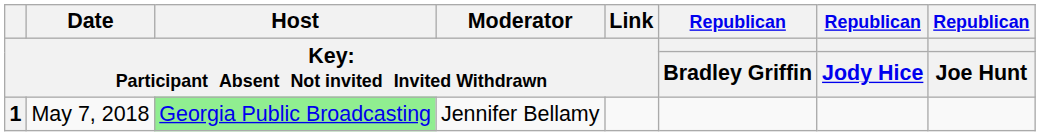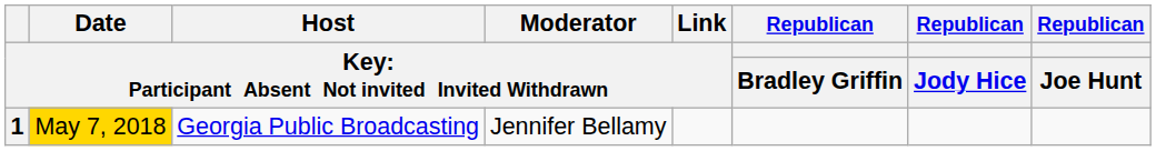 <table class="wikitable" style="text-align:center;">
 <tr>
 <th scope="col"></th>
 <th scope="col">Date</th>
 <th scope="col">Host</th>
 <th scope="col">Moderator</th>
 <th scope="col">Link</th>
 <th scope="col"><small><a href='#'>Republican</a></small></th>
 <th scope="col"><small><a href='#'>Republican</a></small></th>
 <th scope="col"><small><a href='#'>Republican</a></small></th>
 </tr>
 <tr>
 <th colspan="5" rowspan="2">Key:<br> <small>Participant </small>  <small>Absent </small>  <small>Not invited </small>  <small>Invited  Withdrawn</small></th>
 <th scope="col" style="background:"></th>
 <th scope="col" style="background:"></th>
 <th scope="col" style="background:"></th>
 </tr>
 <tr>
 <th scope="col">Bradley Griffin</th>
 <th scope="col"><a href='#'>Jody Hice</a></th>
 <th scope="col">Joe Hunt</th>
 </tr>
 <tr>
 <th>1</th>
-<td style="white-space:nowrap;">May 7, 2018</td>
-<td style="background: lightgreen; white-space:nowrap;"><a href='#'>Georgia Public Broadcasting</a></td>
+<td style="background: gold; white-space:nowrap;">May 7, 2018</td>
+<td style="white-space:nowrap;"><a href='#'>Georgia Public Broadcasting</a></td>
 <td style="white-space:nowrap;">Jennifer Bellamy</td>
 <td style="white-space:nowrap;"></td>
 <td></td>
 <td></td>
 <td></td>
 </tr>
 </table>
